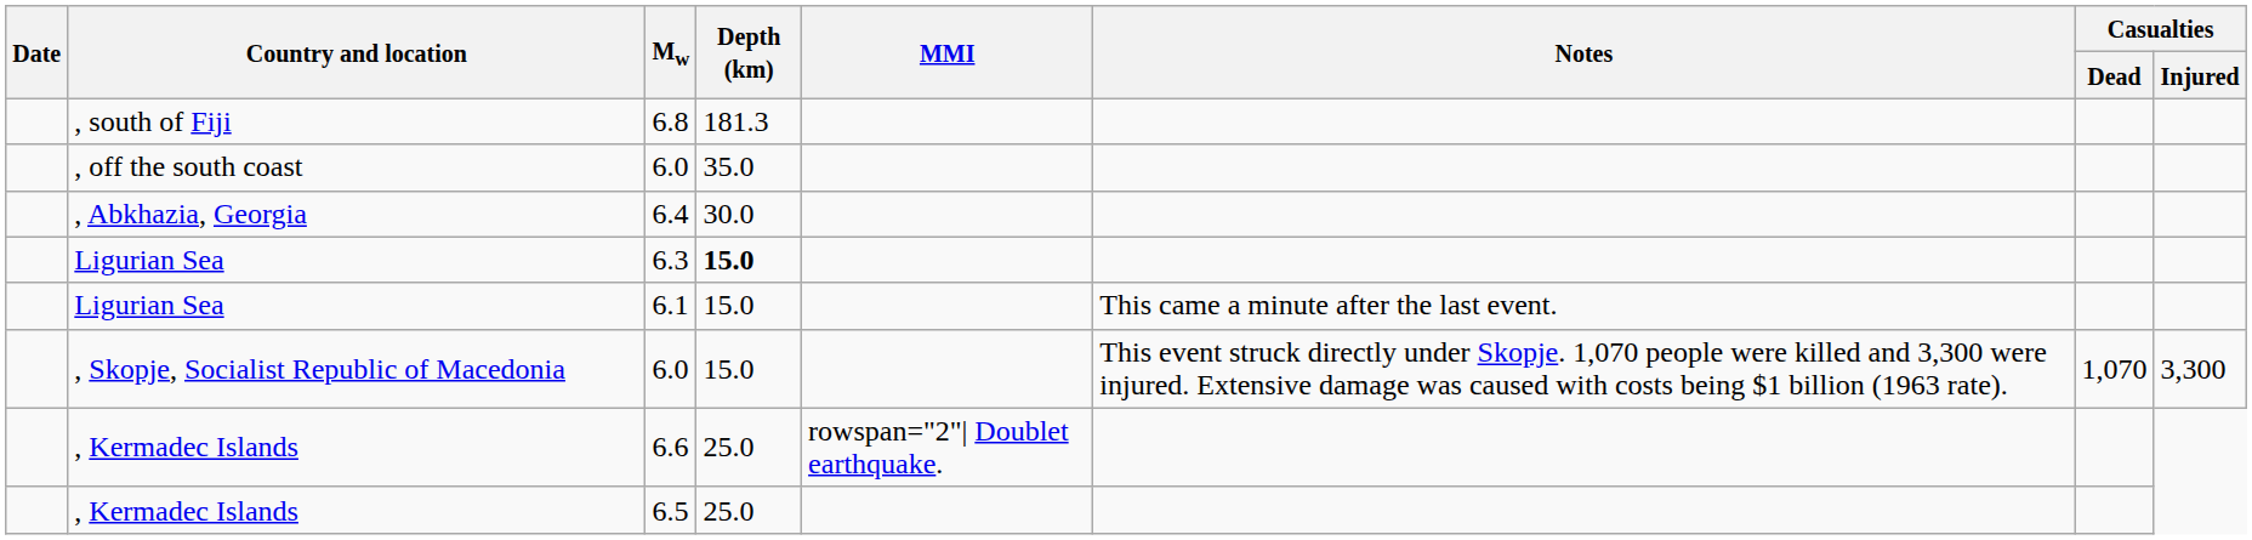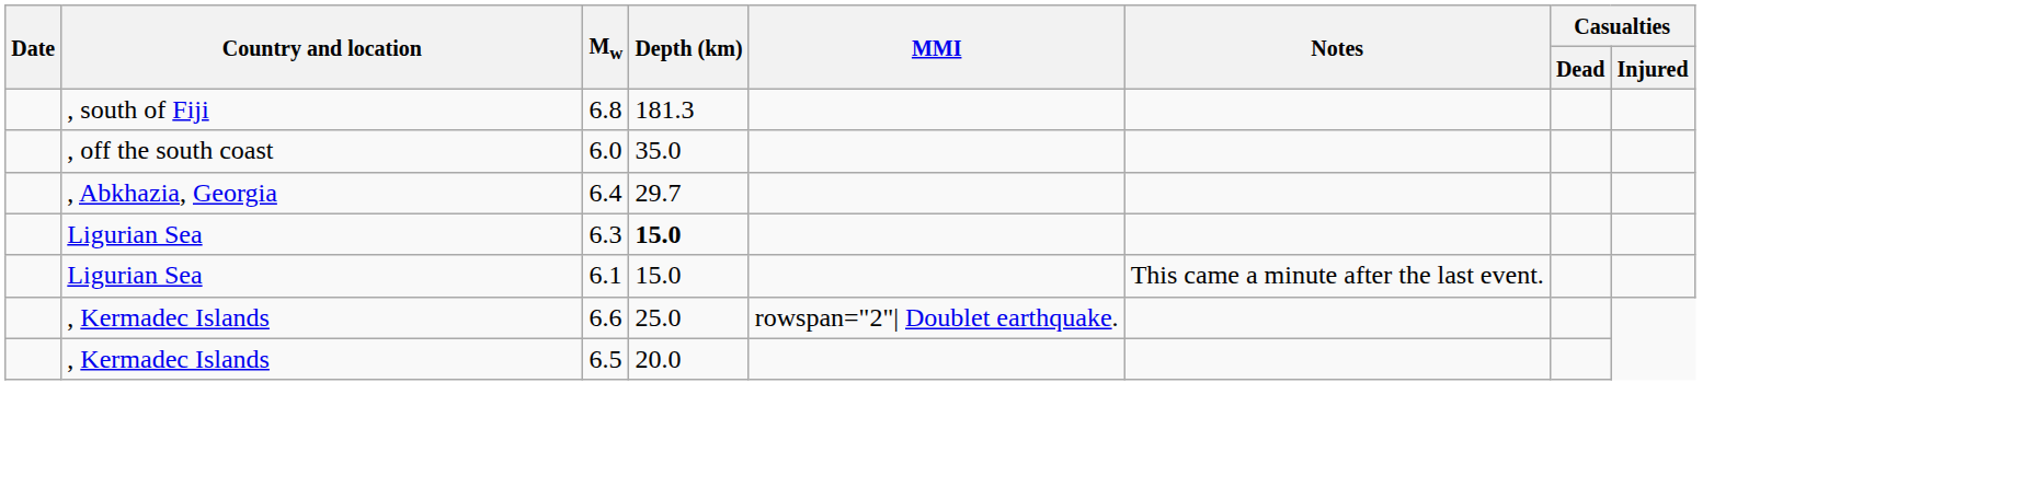 <table class="wikitable sortable sort-under" style="border:1px black; margin-left:1em;">
 <tr>
 <th rowspan="2"><small>Date</small></th>
 <th rowspan="2" style="width: 310px"><small>Country and location</small></th>
 <th rowspan="2"><small>M<sub>w</sub></small></th>
 <th rowspan="2"><small>Depth (km)</small></th>
 <th rowspan="2"><small><a href='#'>MMI</a></small></th>
 <th rowspan="2" class="unsortable"><small>Notes</small></th>
 <th colspan="2"><small>Casualties</small></th>
 </tr>
 <tr>
 <th><small>Dead</small></th>
 <th><small>Injured</small></th>
 </tr>
 <tr>
 <td></td>
 <td>, south of <a href='#'>Fiji</a></td>
 <td>6.8</td>
 <td>181.3</td>
 <td></td>
 <td></td>
 <td></td>
 <td></td>
 </tr>
 <tr>
 <td></td>
 <td>, off the south coast</td>
 <td>6.0</td>
 <td>35.0</td>
 <td></td>
 <td></td>
 <td></td>
 <td></td>
 </tr>
 <tr>
 <td></td>
 <td>, <a href='#'>Abkhazia</a>, <a href='#'>Georgia</a></td>
 <td>6.4</td>
-<td>30.0</td>
+<td>29.7</td>
 <td></td>
 <td></td>
 <td></td>
 <td></td>
 </tr>
 <tr>
 <td></td>
 <td><a href='#'>Ligurian Sea</a></td>
 <td>6.3</td>
 <td><strong>15.0</strong></td>
 <td></td>
 <td></td>
 <td></td>
 <td></td>
 </tr>
 <tr>
 <td></td>
 <td><a href='#'>Ligurian Sea</a></td>
 <td>6.1</td>
 <td>15.0</td>
 <td></td>
 <td>This came a minute after the last event.</td>
 <td></td>
 <td></td>
 </tr>
 <tr>
 <td></td>
-<td>, <a href='#'>Skopje</a>, <a href='#'>Socialist Republic of Macedonia</a></td>
-<td>6.0</td>
-<td>15.0</td>
-<td></td>
-<td>This event struck directly under <a href='#'>Skopje</a>. 1,070 people were killed and 3,300 were injured. Extensive damage was caused with costs being $1 billion (1963 rate).</td>
-<td>1,070</td>
-<td>3,300</td>
-</tr>
-<tr>
-<td></td>
 <td>, <a href='#'>Kermadec Islands</a></td>
 <td>6.6</td>
 <td>25.0</td>
 <td>rowspan="2"| <a href='#'>Doublet earthquake</a>.</td>
 <td></td>
 <td></td>
 </tr>
 <tr>
 <td></td>
 <td>, <a href='#'>Kermadec Islands</a></td>
 <td>6.5</td>
-<td>25.0</td>
+<td>20.0</td>
 <td></td>
 <td></td>
 <td></td>
 </tr>
 </table>
